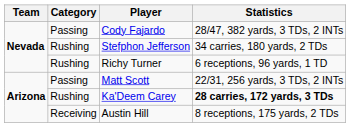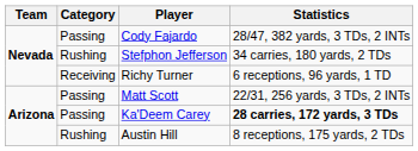 <table class="wikitable" style="float: left;">
 <tr>
 <th>Team</th>
 <th>Category</th>
 <th>Player</th>
 <th>Statistics</th>
 </tr>
 <tr>
 <td rowspan=3><strong>Nevada</strong></td>
 <td>Passing</td>
 <td><a href='#'>Cody Fajardo</a></td>
 <td>28/47, 382 yards, 3 TDs, 2 INTs</td>
 </tr>
 <tr>
 <td>Rushing</td>
 <td><a href='#'>Stefphon Jefferson</a></td>
 <td>34 carries, 180 yards, 2 TDs</td>
 </tr>
 <tr>
-<td>Rushing</td>
+<td>Receiving</td>
 <td>Richy Turner</td>
 <td>6 receptions, 96 yards, 1 TD</td>
 </tr>
 <tr>
 <td rowspan=3><strong>Arizona</strong></td>
 <td>Passing</td>
 <td><a href='#'>Matt Scott</a></td>
 <td>22/31, 256 yards, 3 TDs, 2 INTs</td>
 </tr>
 <tr>
-<td>Rushing</td>
+<td>Passing</td>
 <td><a href='#'>Ka'Deem Carey</a></td>
 <td><strong>28 carries, 172 yards, 3 TDs</strong></td>
 </tr>
 <tr>
-<td>Receiving</td>
+<td>Rushing</td>
 <td>Austin Hill</td>
 <td>8 receptions, 175 yards, 2 TDs</td>
 </tr>
 </table>
